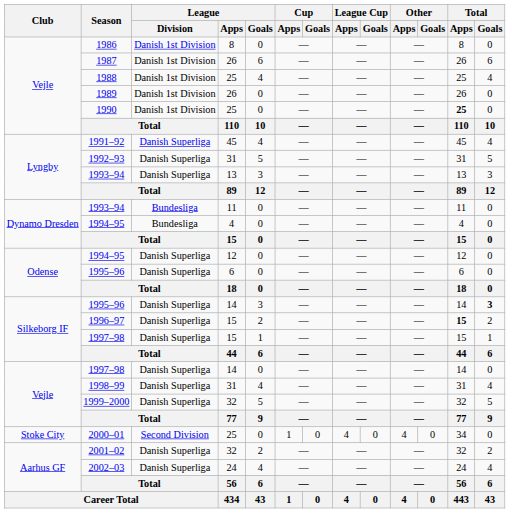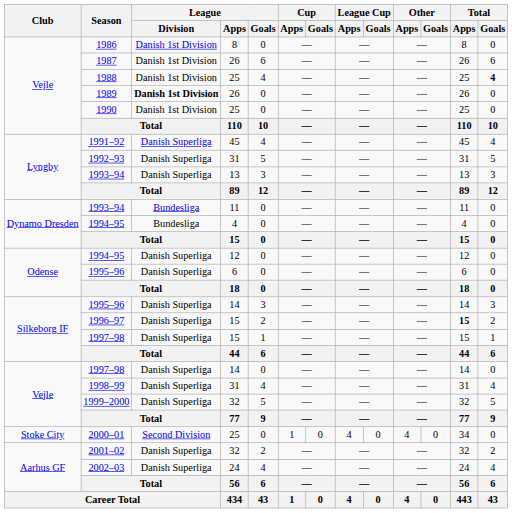 <table class="wikitable" style="text-align: center;">
 <tr>
 <th rowspan="2">Club</th>
 <th rowspan="2">Season</th>
 <th colspan="3">League</th>
 <th colspan="2">Cup</th>
 <th colspan="2">League Cup</th>
 <th colspan="2">Other</th>
 <th colspan="2">Total</th>
 </tr>
 <tr>
 <th>Division</th>
 <th>Apps</th>
 <th>Goals</th>
 <th>Apps</th>
 <th>Goals</th>
 <th>Apps</th>
 <th>Goals</th>
 <th>Apps</th>
 <th>Goals</th>
 <th>Apps</th>
 <th>Goals</th>
 </tr>
 <tr>
 <td rowspan=6><a href='#'>Vejle</a></td>
 <td><a href='#'>1986</a></td>
 <td><a href='#'>Danish 1st Division</a></td>
 <td>8</td>
 <td>0</td>
 <td colspan="2">—</td>
 <td colspan="2">—</td>
 <td colspan="2">—</td>
 <td>8</td>
 <td>0</td>
 </tr>
 <tr>
 <td><a href='#'>1987</a></td>
 <td>Danish 1st Division</td>
 <td>26</td>
 <td>6</td>
 <td colspan="2">—</td>
 <td colspan="2">—</td>
 <td colspan="2">—</td>
 <td>26</td>
 <td>6</td>
 </tr>
 <tr>
 <td><a href='#'>1988</a></td>
 <td>Danish 1st Division</td>
 <td>25</td>
 <td>4</td>
 <td colspan="2">—</td>
 <td colspan="2">—</td>
 <td colspan="2">—</td>
 <td>25</td>
-<td>4</td>
+<td><strong>4</strong></td>
 </tr>
 <tr>
 <td><a href='#'>1989</a></td>
-<td>Danish 1st Division</td>
+<td><strong>Danish 1st Division</strong></td>
 <td>26</td>
 <td>0</td>
 <td colspan="2">—</td>
 <td colspan="2">—</td>
 <td colspan="2">—</td>
 <td>26</td>
 <td>0</td>
 </tr>
 <tr>
 <td><a href='#'>1990</a></td>
 <td>Danish 1st Division</td>
 <td>25</td>
 <td>0</td>
 <td colspan="2">—</td>
 <td colspan="2">—</td>
 <td colspan="2">—</td>
-<td><strong>25</strong></td>
+<td>25</td>
 <td>0</td>
 </tr>
 <tr>
 <th colspan=2>Total</th>
 <th>110</th>
 <th>10</th>
 <th colspan="2">—</th>
 <th colspan="2">—</th>
 <th colspan="2">—</th>
 <th>110</th>
 <th>10</th>
 </tr>
 <tr>
 <td rowspan=4><a href='#'>Lyngby</a></td>
 <td><a href='#'>1991–92</a></td>
 <td><a href='#'>Danish Superliga</a></td>
 <td>45</td>
 <td>4</td>
 <td colspan="2">—</td>
 <td colspan="2">—</td>
 <td colspan="2">—</td>
 <td>45</td>
 <td>4</td>
 </tr>
 <tr>
 <td><a href='#'>1992–93</a></td>
 <td>Danish Superliga</td>
 <td>31</td>
 <td>5</td>
 <td colspan="2">—</td>
 <td colspan="2">—</td>
 <td colspan="2">—</td>
 <td>31</td>
 <td>5</td>
 </tr>
 <tr>
 <td><a href='#'>1993–94</a></td>
 <td>Danish Superliga</td>
 <td>13</td>
 <td>3</td>
 <td colspan="2">—</td>
 <td colspan="2">—</td>
 <td colspan="2">—</td>
 <td>13</td>
 <td>3</td>
 </tr>
 <tr>
 <th colspan=2>Total</th>
 <th>89</th>
 <th>12</th>
 <th colspan="2">—</th>
 <th colspan="2">—</th>
 <th colspan="2">—</th>
 <th>89</th>
 <th>12</th>
 </tr>
 <tr>
 <td rowspan=3><a href='#'>Dynamo Dresden</a></td>
 <td><a href='#'>1993–94</a></td>
 <td><a href='#'>Bundesliga</a></td>
 <td>11</td>
 <td>0</td>
 <td colspan="2">—</td>
 <td colspan="2">—</td>
 <td colspan="2">—</td>
 <td>11</td>
 <td>0</td>
 </tr>
 <tr>
 <td><a href='#'>1994–95</a></td>
 <td>Bundesliga</td>
 <td>4</td>
 <td>0</td>
 <td colspan="2">—</td>
 <td colspan="2">—</td>
 <td colspan="2">—</td>
 <td>4</td>
 <td>0</td>
 </tr>
 <tr>
 <th colspan=2>Total</th>
 <th>15</th>
 <th>0</th>
 <th colspan="2">—</th>
 <th colspan="2">—</th>
 <th colspan="2">—</th>
 <th>15</th>
 <th>0</th>
 </tr>
 <tr>
 <td rowspan=3><a href='#'>Odense</a></td>
 <td><a href='#'>1994–95</a></td>
 <td>Danish Superliga</td>
 <td>12</td>
 <td>0</td>
 <td colspan="2">—</td>
 <td colspan="2">—</td>
 <td colspan="2">—</td>
 <td>12</td>
 <td>0</td>
 </tr>
 <tr>
 <td><a href='#'>1995–96</a></td>
 <td>Danish Superliga</td>
 <td>6</td>
 <td>0</td>
 <td colspan="2">—</td>
 <td colspan="2">—</td>
 <td colspan="2">—</td>
 <td>6</td>
 <td>0</td>
 </tr>
 <tr>
 <th colspan=2>Total</th>
 <th>18</th>
 <th>0</th>
 <th colspan="2">—</th>
 <th colspan="2">—</th>
 <th colspan="2">—</th>
 <th>18</th>
 <th>0</th>
 </tr>
 <tr>
 <td rowspan=4><a href='#'>Silkeborg IF</a></td>
 <td><a href='#'>1995–96</a></td>
 <td>Danish Superliga</td>
 <td>14</td>
 <td>3</td>
 <td colspan="2">—</td>
 <td colspan="2">—</td>
 <td colspan="2">—</td>
 <td>14</td>
-<td><strong>3</strong></td>
+<td>3</td>
 </tr>
 <tr>
 <td><a href='#'>1996–97</a></td>
 <td>Danish Superliga</td>
 <td>15</td>
 <td>2</td>
 <td colspan="2">—</td>
 <td colspan="2">—</td>
 <td colspan="2">—</td>
 <td><strong>15</strong></td>
 <td>2</td>
 </tr>
 <tr>
 <td><a href='#'>1997–98</a></td>
 <td>Danish Superliga</td>
 <td>15</td>
 <td>1</td>
 <td colspan="2">—</td>
 <td colspan="2">—</td>
 <td colspan="2">—</td>
 <td>15</td>
 <td>1</td>
 </tr>
 <tr>
 <th colspan=2>Total</th>
 <th>44</th>
 <th>6</th>
 <th colspan="2">—</th>
 <th colspan="2">—</th>
 <th colspan="2">—</th>
 <th>44</th>
 <th>6</th>
 </tr>
 <tr>
 <td rowspan=4><a href='#'>Vejle</a></td>
 <td><a href='#'>1997–98</a></td>
 <td>Danish Superliga</td>
 <td>14</td>
 <td>0</td>
 <td colspan="2">—</td>
 <td colspan="2">—</td>
 <td colspan="2">—</td>
 <td>14</td>
 <td>0</td>
 </tr>
 <tr>
 <td><a href='#'>1998–99</a></td>
 <td>Danish Superliga</td>
 <td>31</td>
 <td>4</td>
 <td colspan="2">—</td>
 <td colspan="2">—</td>
 <td colspan="2">—</td>
 <td>31</td>
 <td>4</td>
 </tr>
 <tr>
 <td><a href='#'>1999–2000</a></td>
 <td>Danish Superliga</td>
 <td>32</td>
 <td>5</td>
 <td colspan="2">—</td>
 <td colspan="2">—</td>
 <td colspan="2">—</td>
 <td>32</td>
 <td>5</td>
 </tr>
 <tr>
 <th colspan=2>Total</th>
 <th>77</th>
 <th>9</th>
 <th colspan="2">—</th>
 <th colspan="2">—</th>
 <th colspan="2">—</th>
 <th>77</th>
 <th>9</th>
 </tr>
 <tr>
 <td><a href='#'>Stoke City</a></td>
 <td><a href='#'>2000–01</a></td>
 <td><a href='#'>Second Division</a></td>
 <td>25</td>
 <td>0</td>
 <td>1</td>
 <td>0</td>
 <td>4</td>
 <td>0</td>
 <td>4</td>
 <td>0</td>
 <td>34</td>
 <td>0</td>
 </tr>
 <tr>
 <td rowspan=3><a href='#'>Aarhus GF</a></td>
 <td><a href='#'>2001–02</a></td>
 <td>Danish Superliga</td>
 <td>32</td>
 <td>2</td>
 <td colspan="2">—</td>
 <td colspan="2">—</td>
 <td colspan="2">—</td>
 <td>32</td>
 <td>2</td>
 </tr>
 <tr>
 <td><a href='#'>2002–03</a></td>
 <td>Danish Superliga</td>
 <td>24</td>
 <td>4</td>
 <td colspan="2">—</td>
 <td colspan="2">—</td>
 <td colspan="2">—</td>
 <td>24</td>
 <td>4</td>
 </tr>
 <tr>
 <th colspan=2>Total</th>
 <th>56</th>
 <th>6</th>
 <th colspan="2">—</th>
 <th colspan="2">—</th>
 <th colspan="2">—</th>
 <th>56</th>
 <th>6</th>
 </tr>
 <tr>
 <th colspan="3">Career Total</th>
 <th>434</th>
 <th>43</th>
 <th>1</th>
 <th>0</th>
 <th>4</th>
 <th>0</th>
 <th>4</th>
 <th>0</th>
 <th>443</th>
 <th>43</th>
 </tr>
 </table>
